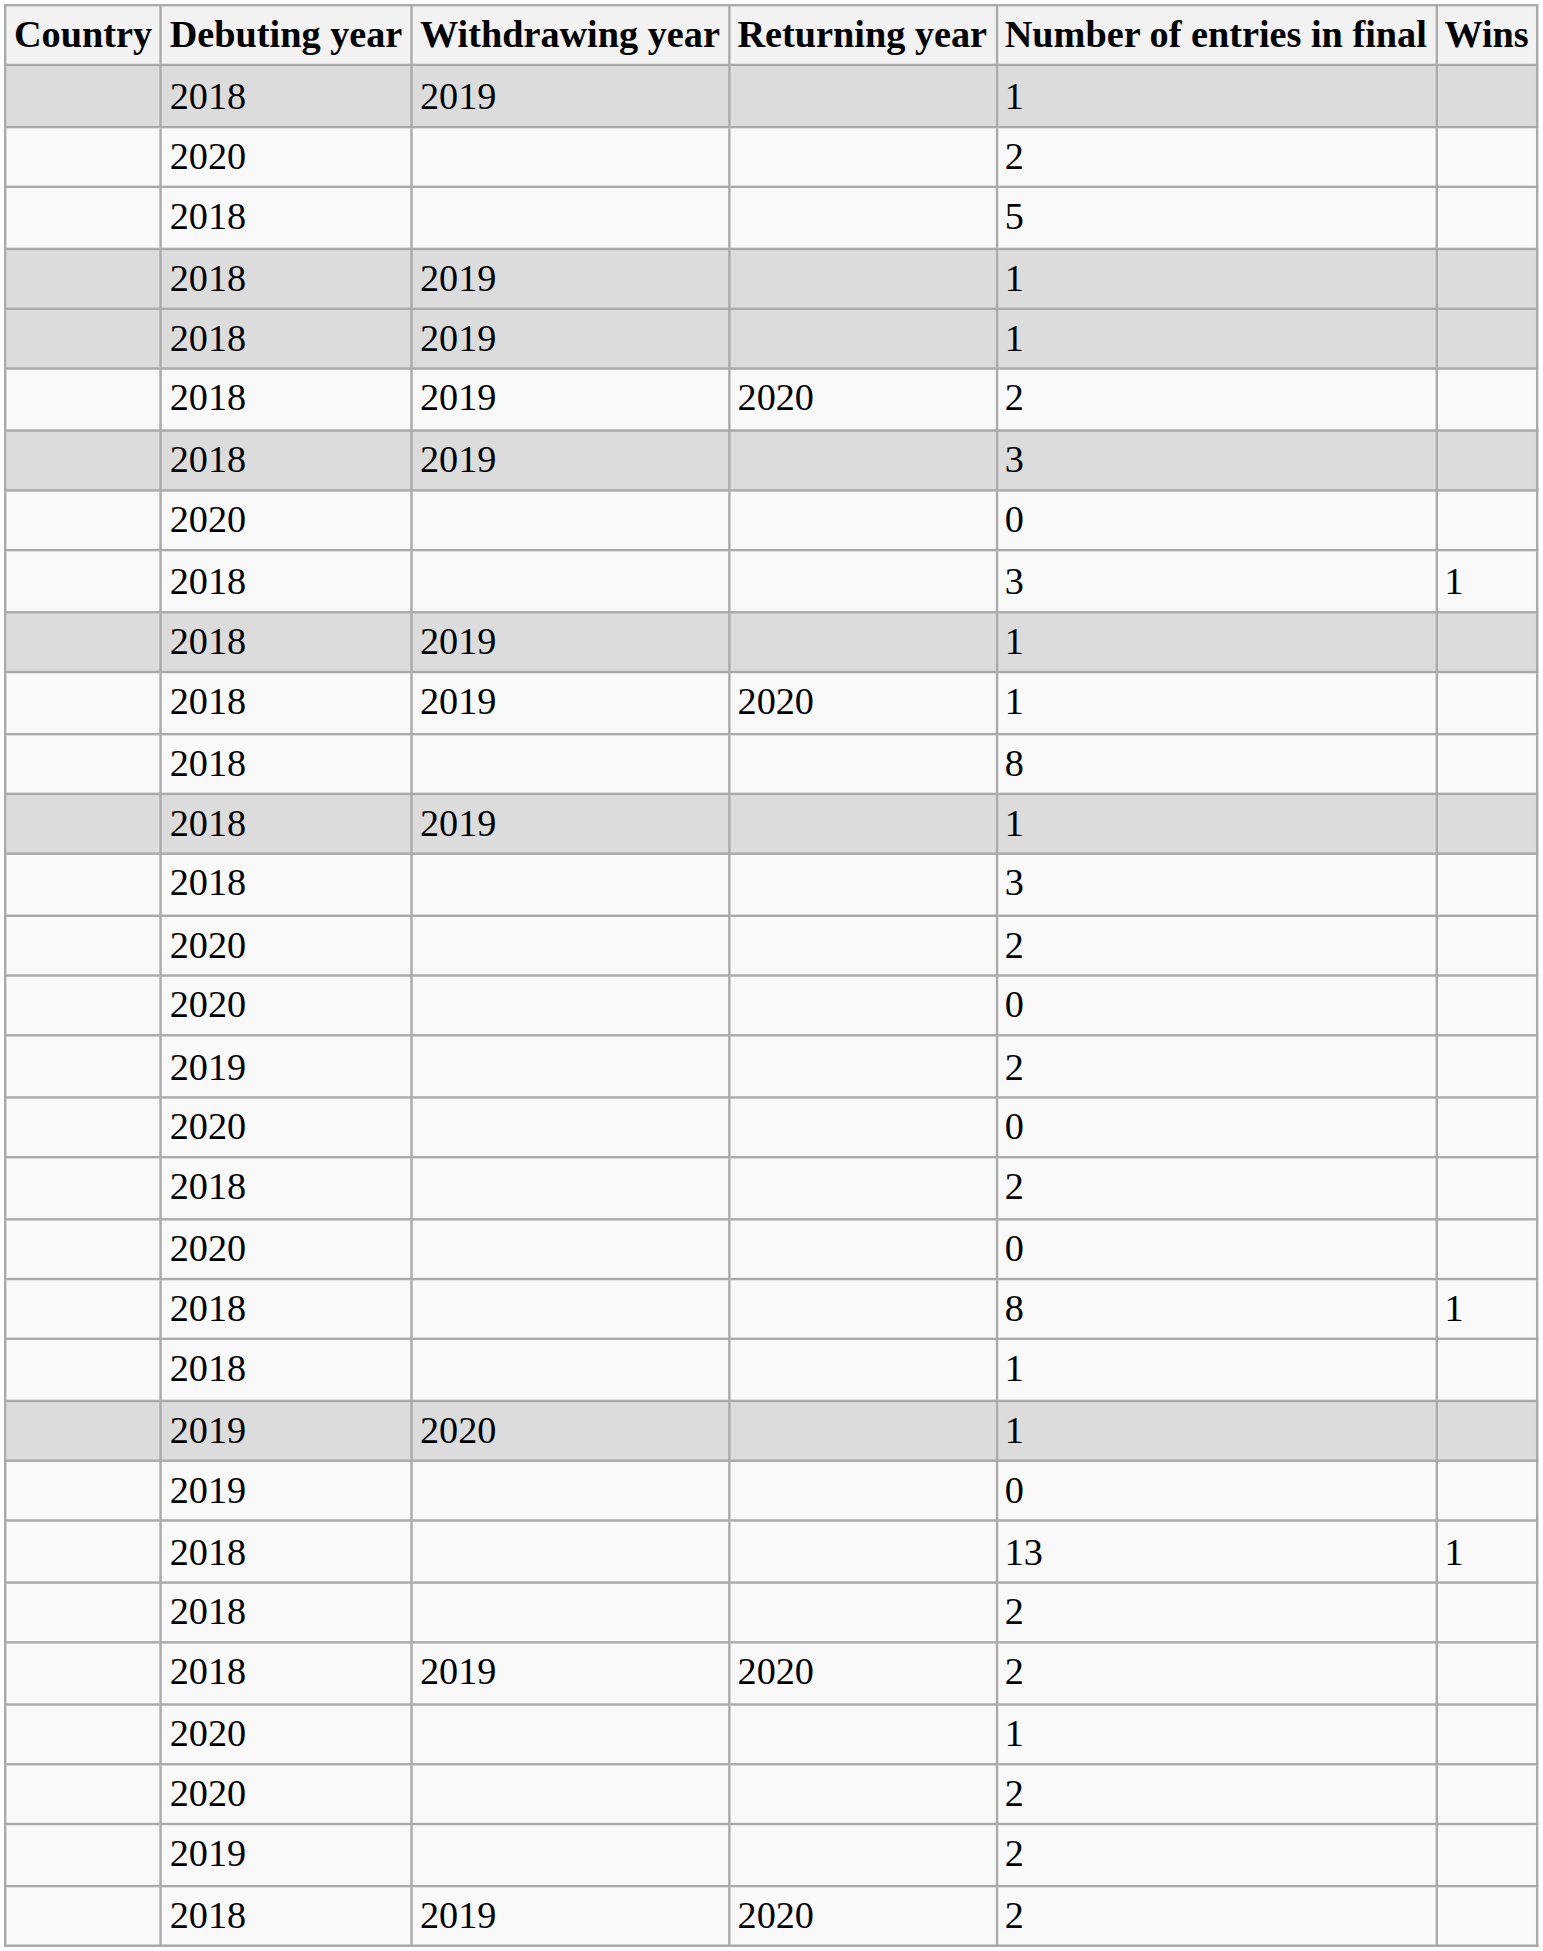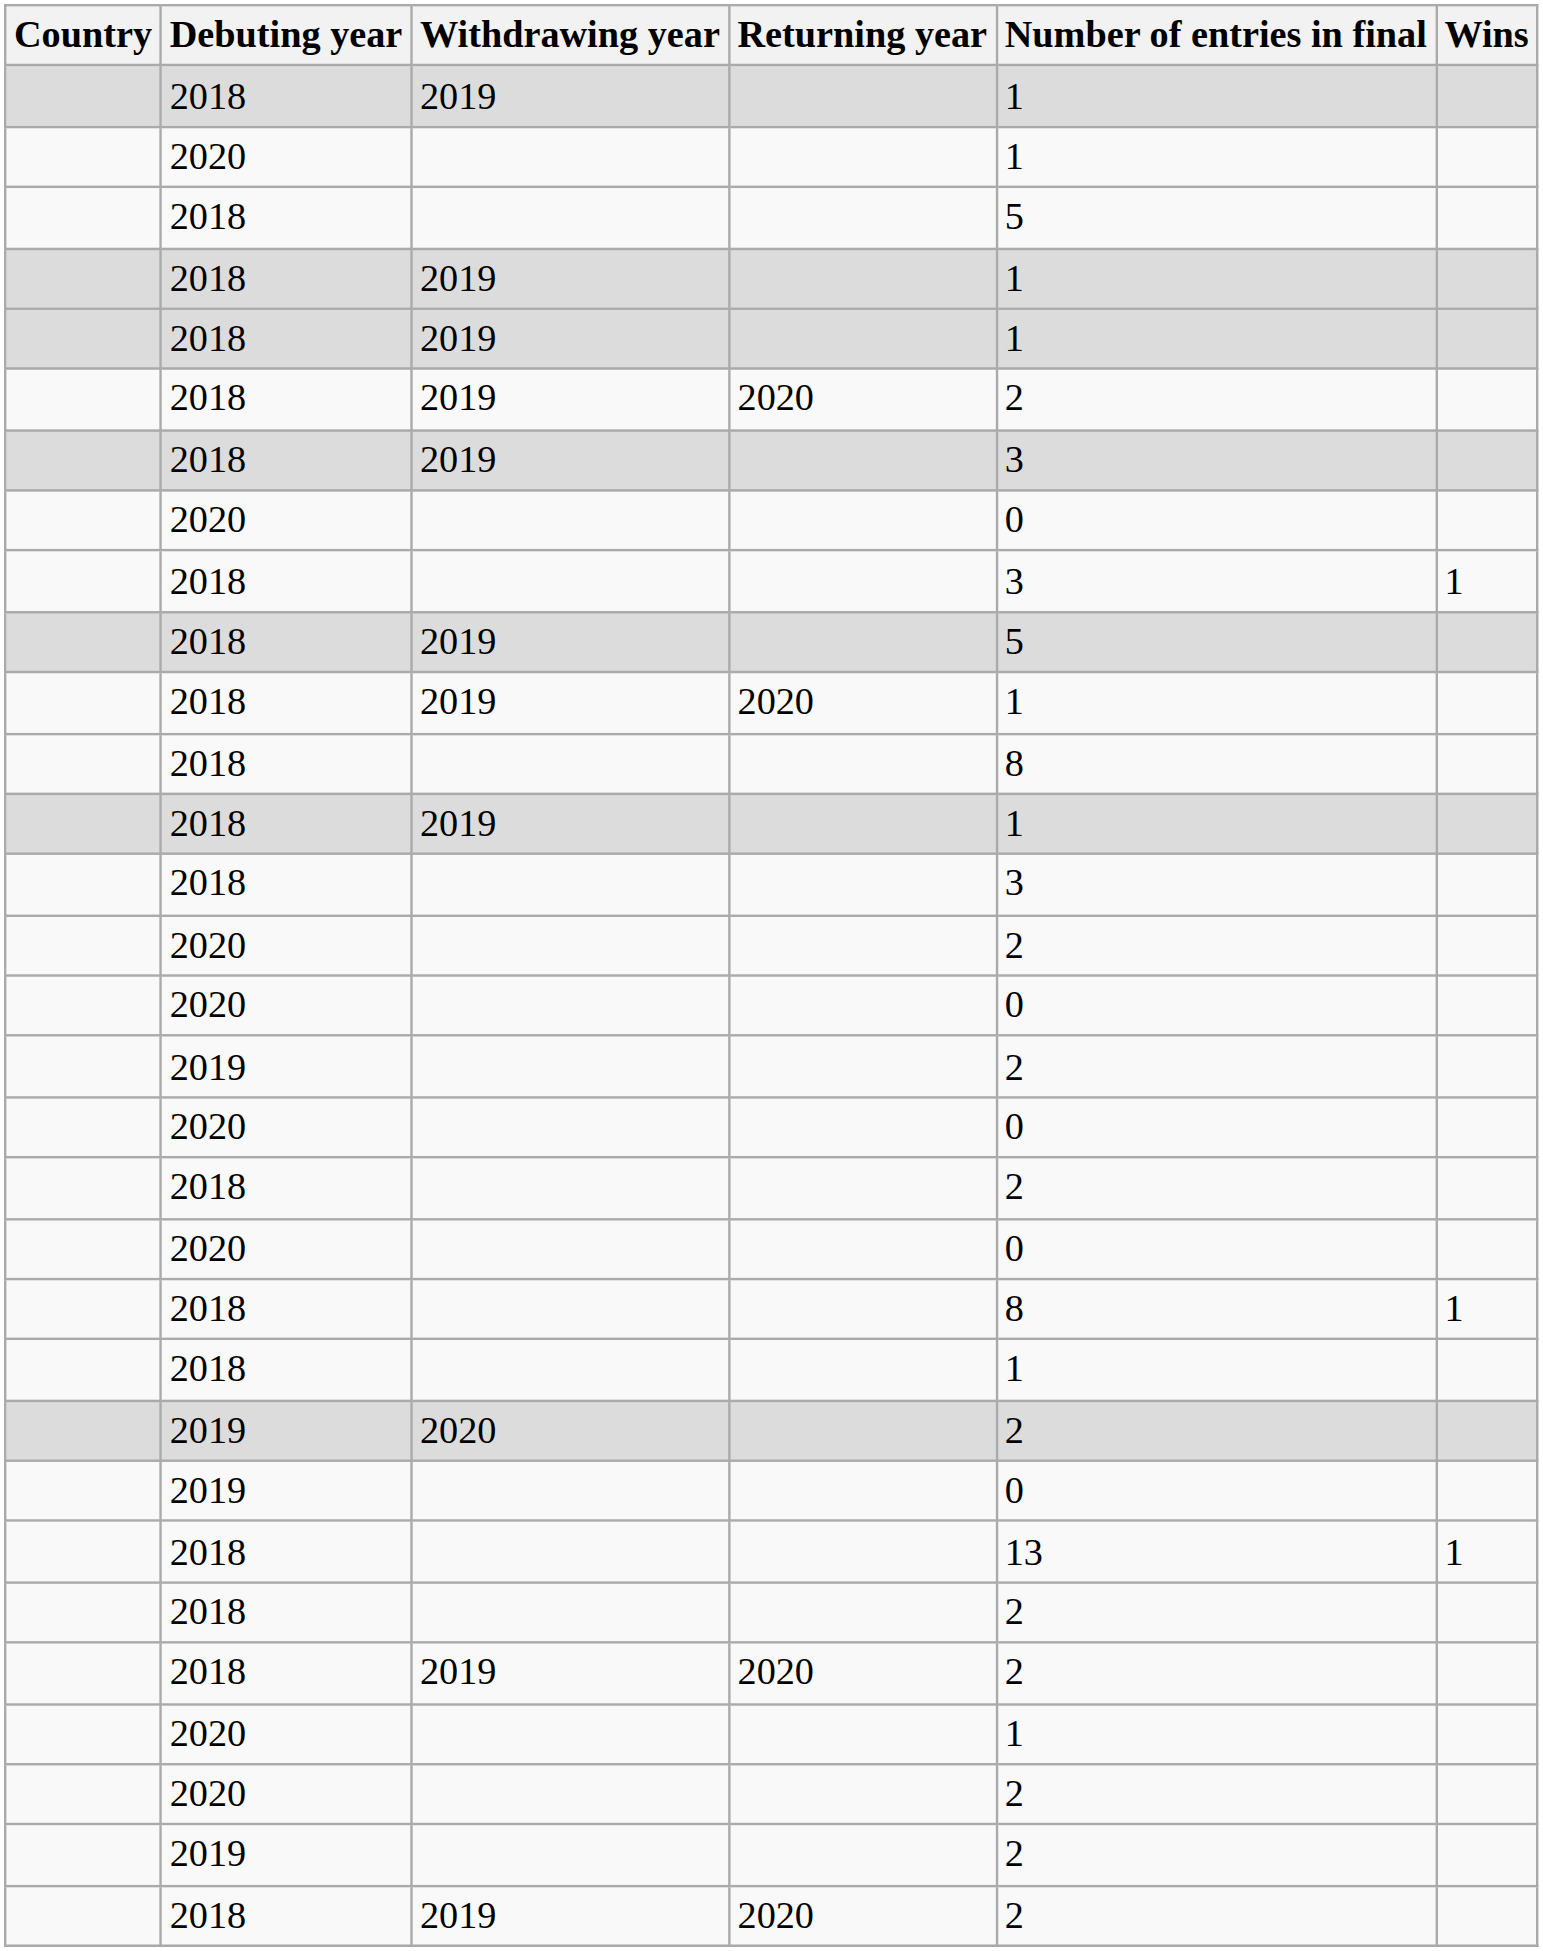 <table class="sortable wikitable">
 <tr>
 <th>Country</th>
 <th>Debuting year</th>
 <th>Withdrawing year</th>
 <th>Returning year</th>
 <th>Number of entries in final</th>
 <th>Wins</th>
 </tr>
 <tr bgcolor="#dcdcdc">
 <td></td>
 <td>2018</td>
 <td>2019</td>
 <td></td>
 <td>1</td>
 <td></td>
 </tr>
 <tr>
 <td></td>
 <td>2020</td>
 <td></td>
 <td></td>
-<td>2</td>
+<td>1</td>
 <td></td>
 </tr>
 <tr>
 <td></td>
 <td>2018</td>
 <td></td>
 <td></td>
 <td>5</td>
 <td></td>
 </tr>
 <tr bgcolor="#dcdcdc">
 <td></td>
 <td>2018</td>
 <td>2019</td>
 <td></td>
 <td>1</td>
 <td></td>
 </tr>
 <tr bgcolor="#dcdcdc">
 <td></td>
 <td>2018</td>
 <td>2019</td>
 <td></td>
 <td>1</td>
 <td></td>
 </tr>
 <tr>
 <td></td>
 <td>2018</td>
 <td>2019</td>
 <td>2020</td>
 <td>2</td>
 <td></td>
 </tr>
 <tr bgcolor="#dcdcdc">
 <td></td>
 <td>2018</td>
 <td>2019</td>
 <td></td>
 <td>3</td>
 <td></td>
 </tr>
 <tr>
 <td></td>
 <td>2020</td>
 <td></td>
 <td></td>
 <td>0</td>
 <td></td>
 </tr>
 <tr>
 <td></td>
 <td>2018</td>
 <td></td>
 <td></td>
 <td>3</td>
 <td>1</td>
 </tr>
 <tr bgcolor="#dcdcdc">
 <td></td>
 <td>2018</td>
 <td>2019</td>
 <td></td>
-<td>1</td>
+<td>5</td>
 <td></td>
 </tr>
 <tr>
 <td></td>
 <td>2018</td>
 <td>2019</td>
 <td>2020</td>
 <td>1</td>
 <td></td>
 </tr>
 <tr>
 <td></td>
 <td>2018</td>
 <td></td>
 <td></td>
 <td>8</td>
 <td></td>
 </tr>
 <tr bgcolor="#dcdcdc">
 <td></td>
 <td>2018</td>
 <td>2019</td>
 <td></td>
 <td>1</td>
 <td></td>
 </tr>
 <tr>
 <td></td>
 <td>2018</td>
 <td></td>
 <td></td>
 <td>3</td>
 <td></td>
 </tr>
 <tr>
 <td></td>
 <td>2020</td>
 <td></td>
 <td></td>
 <td>2</td>
 <td></td>
 </tr>
 <tr>
 <td></td>
 <td>2020</td>
 <td></td>
 <td></td>
 <td>0</td>
 <td></td>
 </tr>
 <tr>
 <td></td>
 <td>2019</td>
 <td></td>
 <td></td>
 <td>2</td>
 <td></td>
 </tr>
 <tr>
 <td></td>
 <td>2020</td>
 <td></td>
 <td></td>
 <td>0</td>
 <td></td>
 </tr>
 <tr>
 <td></td>
 <td>2018</td>
 <td></td>
 <td></td>
 <td>2</td>
 <td></td>
 </tr>
 <tr>
 <td></td>
 <td>2020</td>
 <td></td>
 <td></td>
 <td>0</td>
 <td></td>
 </tr>
 <tr>
 <td></td>
 <td>2018</td>
 <td></td>
 <td></td>
 <td>8</td>
 <td>1</td>
 </tr>
 <tr>
 <td></td>
 <td>2018</td>
 <td></td>
 <td></td>
 <td>1</td>
 <td></td>
 </tr>
 <tr bgcolor="#dcdcdc">
 <td></td>
 <td>2019</td>
 <td>2020</td>
 <td></td>
-<td>1</td>
+<td>2</td>
 <td></td>
 </tr>
 <tr>
 <td></td>
 <td>2019</td>
 <td></td>
 <td></td>
 <td>0</td>
 <td></td>
 </tr>
 <tr>
 <td></td>
 <td>2018</td>
 <td></td>
 <td></td>
 <td>13</td>
 <td>1</td>
 </tr>
 <tr>
 <td></td>
 <td>2018</td>
 <td></td>
 <td></td>
 <td>2</td>
 <td></td>
 </tr>
 <tr>
 <td></td>
 <td>2018</td>
 <td>2019</td>
 <td>2020</td>
 <td>2</td>
 <td></td>
 </tr>
 <tr>
 <td></td>
 <td>2020</td>
 <td></td>
 <td></td>
 <td>1</td>
 <td></td>
 </tr>
 <tr>
 <td></td>
 <td>2020</td>
 <td></td>
 <td></td>
 <td>2</td>
 <td></td>
 </tr>
 <tr>
 <td></td>
 <td>2019</td>
 <td></td>
 <td></td>
 <td>2</td>
 <td></td>
 </tr>
 <tr>
 <td></td>
 <td>2018</td>
 <td>2019</td>
 <td>2020</td>
 <td>2</td>
 <td></td>
 </tr>
 <tr>
 </tr>
 </table>
